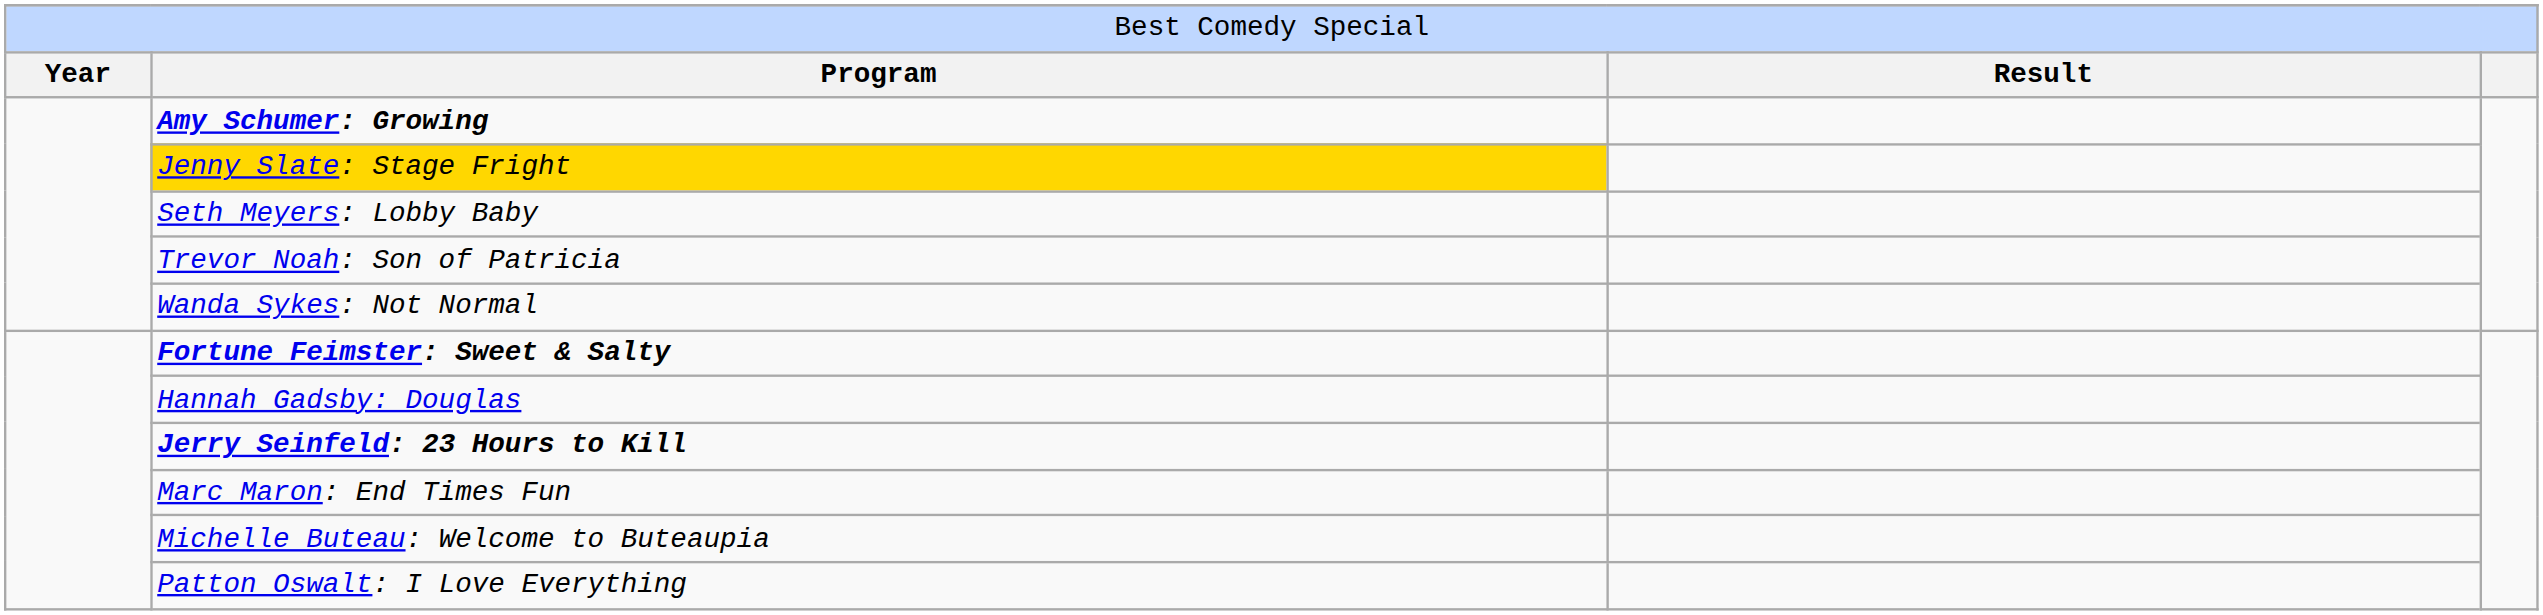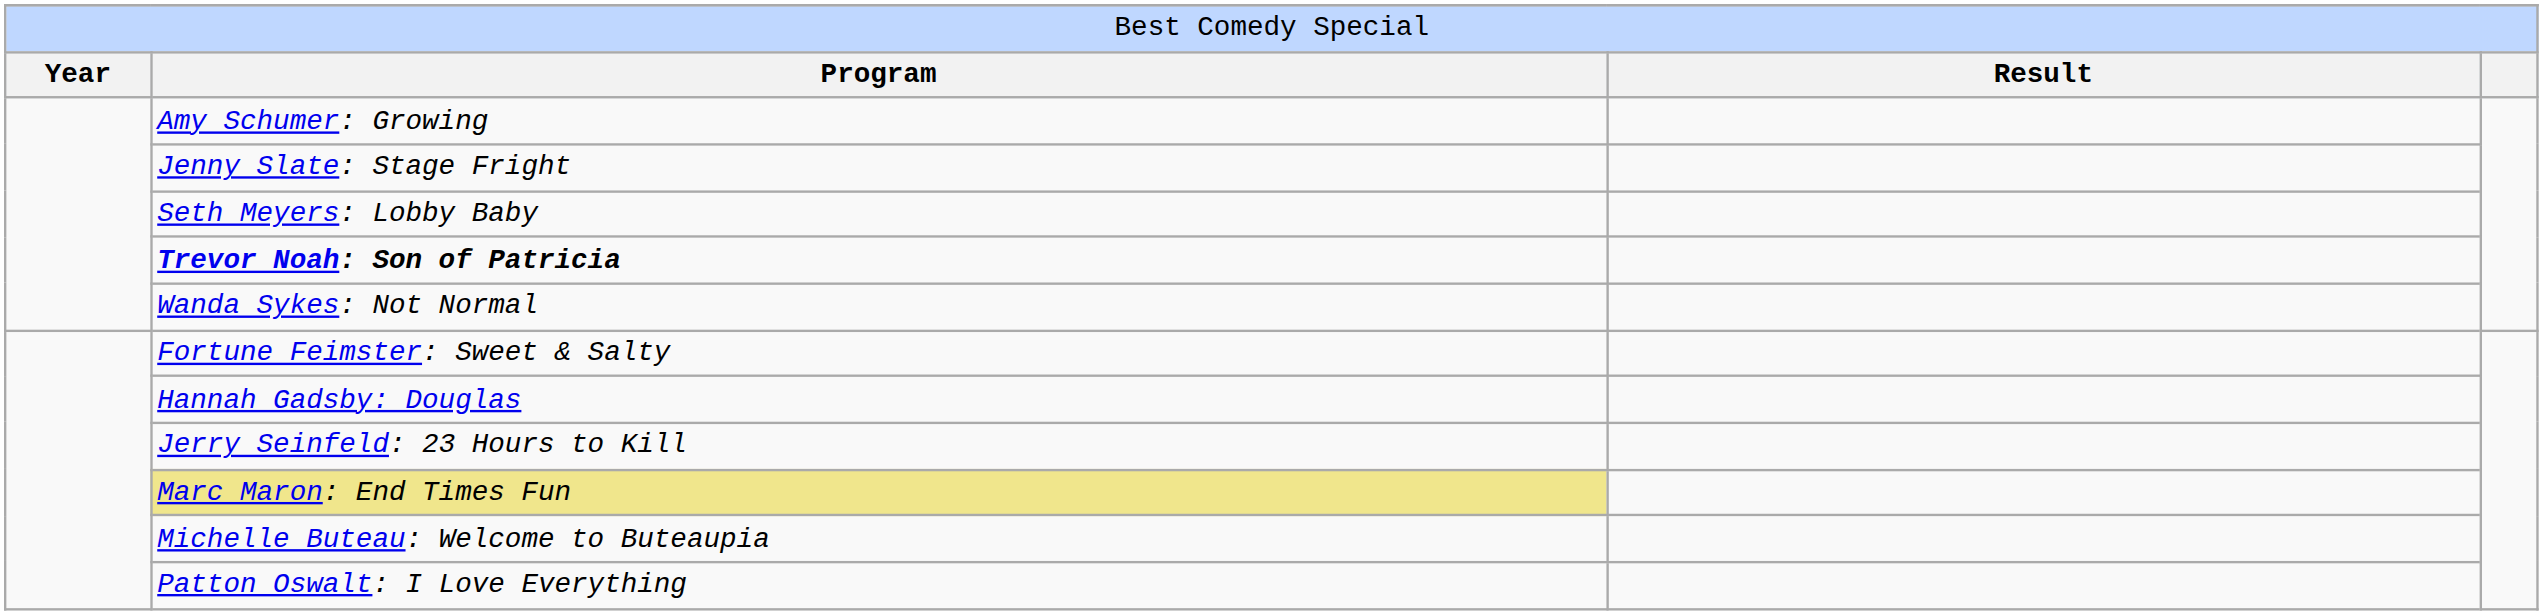 <table class="wikitable plainrowheaders" style="font-size: 90%" width=85%>
 <tr>
 </tr>
 <tr ---- bgcolor="#bfd7ff">
 <td colspan=6 align=center>Best Comedy Special</td>
 </tr>
 <tr ---- bgcolor="#ebf5ff">
 <th scope="col" style="width:2%;">Year</th>
 <th scope="col" style="width:25%;">Program</th>
 <th scope="col" style="width:15%;">Result</th>
 <th scope="col" class="unsortable" style="width:1%;"></th>
 </tr>
 <tr>
 <td rowspan="5"></td>
-<td><strong><em><a href='#'>Amy Schumer</a>: Growing</em></strong></td>
+<td><em><a href='#'>Amy Schumer</a>: Growing</em></td>
 <td></td>
 <td rowspan="5"></td>
 </tr>
 <tr>
-<td style="background: gold;"><em><a href='#'>Jenny Slate</a>: Stage Fright</em></td>
+<td><em><a href='#'>Jenny Slate</a>: Stage Fright</em></td>
 <td></td>
 </tr>
 <tr>
 <td><em><a href='#'>Seth Meyers</a>: Lobby Baby</em></td>
 <td></td>
 </tr>
 <tr>
-<td><em><a href='#'>Trevor Noah</a>: Son of Patricia</em></td>
+<td><strong><em><a href='#'>Trevor Noah</a>: Son of Patricia</em></strong></td>
 <td></td>
 </tr>
 <tr>
 <td><em><a href='#'>Wanda Sykes</a>: Not Normal</em></td>
 <td></td>
 </tr>
 <tr>
 <td rowspan="6"></td>
-<td><strong><em><a href='#'>Fortune Feimster</a>: Sweet & Salty</em></strong></td>
+<td><em><a href='#'>Fortune Feimster</a>: Sweet & Salty</em></td>
 <td></td>
 <td rowspan="6"></td>
 </tr>
 <tr>
 <td><em><a href='#'>Hannah Gadsby: Douglas</a></em></td>
 <td></td>
 </tr>
 <tr>
-<td><strong><em><a href='#'>Jerry Seinfeld</a>: 23 Hours to Kill</em></strong></td>
+<td><em><a href='#'>Jerry Seinfeld</a>: 23 Hours to Kill</em></td>
 <td></td>
 </tr>
 <tr>
-<td><em><a href='#'>Marc Maron</a>: End Times Fun</em></td>
+<td style="background: khaki;"><em><a href='#'>Marc Maron</a>: End Times Fun</em></td>
 <td></td>
 </tr>
 <tr>
 <td><em><a href='#'>Michelle Buteau</a>: Welcome to Buteaupia</em></td>
 <td></td>
 </tr>
 <tr>
 <td><em><a href='#'>Patton Oswalt</a>: I Love Everything</em></td>
 <td></td>
 </tr>
 </table>
